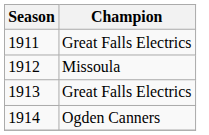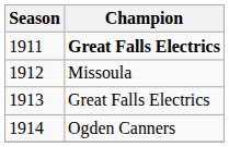 <table class=wikitable>
 <tr>
 <th>Season</th>
 <th>Champion</th>
 </tr>
 <tr>
 <td>1911</td>
-<td>Great Falls Electrics</td>
+<td><strong>Great Falls Electrics</strong></td>
 </tr>
 <tr>
 <td>1912</td>
 <td>Missoula</td>
 </tr>
 <tr>
 <td>1913</td>
 <td>Great Falls Electrics</td>
 </tr>
 <tr>
 <td>1914</td>
 <td>Ogden Canners</td>
 </tr>
 <tr>
 </tr>
 </table>
